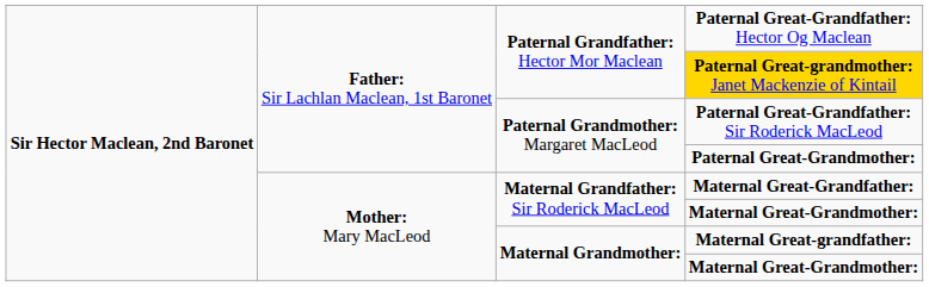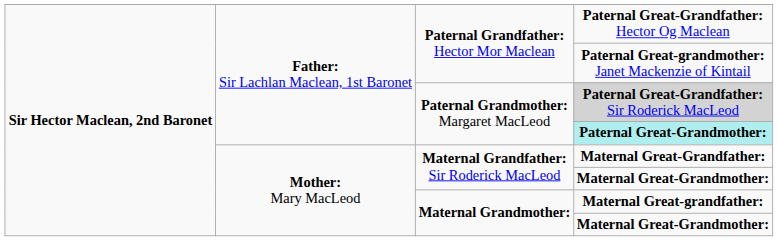 <table class="wikitable" style="margin:1em auto;">
 <tr>
 </tr>
 <tr>
 <td rowspan="8" align="center"><strong>Sir Hector Maclean, 2nd Baronet</strong></td>
 <td rowspan="4" align="center"><strong>Father:</strong><br><a href='#'>Sir Lachlan Maclean, 1st Baronet</a></td>
 <td rowspan="2" align="center"><strong>Paternal Grandfather:</strong><br><a href='#'>Hector Mor Maclean</a></td>
 <td align="center"><strong>Paternal Great-Grandfather:</strong><br><a href='#'>Hector Og Maclean</a></td>
 </tr>
 <tr>
-<td align="center" style="background: gold;"><strong>Paternal Great-grandmother:</strong><br><a href='#'>Janet Mackenzie of Kintail</a></td>
+<td align="center"><strong>Paternal Great-grandmother:</strong><br><a href='#'>Janet Mackenzie of Kintail</a></td>
 </tr>
 <tr>
 <td rowspan="2" align="center"><strong>Paternal Grandmother:</strong><br>Margaret MacLeod</td>
-<td align="center"><strong>Paternal Great-Grandfather:</strong><br><a href='#'>Sir Roderick MacLeod</a></td>
+<td align="center" style="background: lightgrey;"><strong>Paternal Great-Grandfather:</strong><br><a href='#'>Sir Roderick MacLeod</a></td>
 </tr>
 <tr>
-<td align="center"><strong>Paternal Great-Grandmother:</strong><br></td>
+<td align="center" style="background: paleturquoise;"><strong>Paternal Great-Grandmother:</strong><br></td>
 </tr>
 <tr>
 <td rowspan="4" align="center"><strong>Mother:</strong><br>Mary MacLeod</td>
 <td rowspan="2" align="center"><strong>Maternal Grandfather:</strong><br><a href='#'>Sir Roderick MacLeod</a></td>
 <td align="center"><strong>Maternal Great-Grandfather:</strong><br></td>
 </tr>
 <tr>
 <td align="center"><strong>Maternal Great-Grandmother:</strong><br></td>
 </tr>
 <tr>
 <td rowspan="2" align="center"><strong>Maternal Grandmother:</strong><br></td>
 <td align="center"><strong>Maternal Great-grandfather:</strong><br></td>
 </tr>
 <tr>
 <td align="center"><strong>Maternal Great-Grandmother:</strong><br></td>
 </tr>
 </table>
